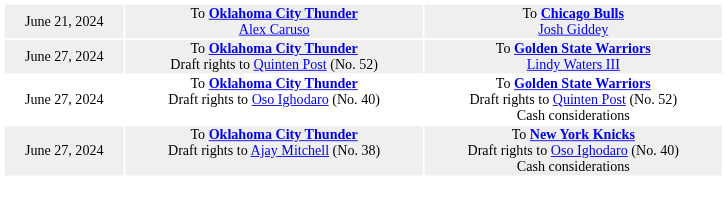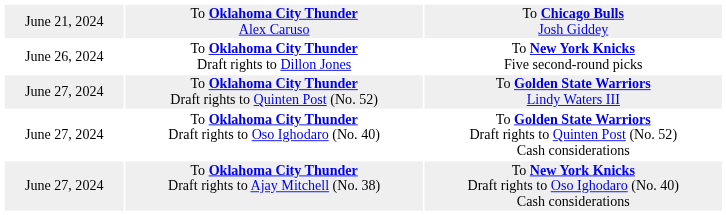 <table style="text-align: center">
 <tr style="background:#eeee">
 <td style="width:12%">June 21, 2024</td>
 <td style="width:30%" valign="top">To <strong><a href='#'>Oklahoma City Thunder</a></strong><br><a href='#'>Alex Caruso</a></td>
 <td style="width:30%" valign="top">To <strong><a href='#'>Chicago Bulls</a></strong><br><a href='#'>Josh Giddey</a></td>
+</tr>
+<tr>
+<td style="width:12%">June 26, 2024</td>
+<td style="width:30%" valign="top">To <strong><a href='#'>Oklahoma City Thunder</a></strong><br>Draft rights to <a href='#'>Dillon Jones</a></td>
+<td style="width:30%" valign="top">To <strong><a href='#'>New York Knicks</a></strong><br>Five second-round picks</td>
 </tr>
 <tr style="background:#eeee">
 <td style="width:12%">June 27, 2024</td>
 <td style="width:30%" valign="top">To <strong><a href='#'>Oklahoma City Thunder</a></strong><br>Draft rights to <a href='#'>Quinten Post</a> (No. 52)</td>
 <td style="width:30%" valign="top">To <strong><a href='#'>Golden State Warriors</a></strong><br><a href='#'>Lindy Waters III</a></td>
 </tr>
 <tr>
 <td style="width:12%">June 27, 2024</td>
 <td style="width:30%" valign="top">To <strong><a href='#'>Oklahoma City Thunder</a></strong><br>Draft rights to <a href='#'>Oso Ighodaro</a> (No. 40)</td>
 <td style="width:30%" valign="top">To <strong><a href='#'>Golden State Warriors</a></strong><br>Draft rights to <a href='#'>Quinten Post</a> (No. 52)<br>Cash considerations</td>
 </tr>
 <tr style="background:#eeee">
 <td style="width:12%">June 27, 2024</td>
 <td style="width:30%" valign="top">To <strong><a href='#'>Oklahoma City Thunder</a></strong><br>Draft rights to <a href='#'>Ajay Mitchell</a> (No. 38)</td>
 <td style="width:30%" valign="top">To <strong><a href='#'>New York Knicks</a></strong><br>Draft rights to <a href='#'>Oso Ighodaro</a> (No. 40)<br>Cash considerations</td>
 </tr>
 </table>
